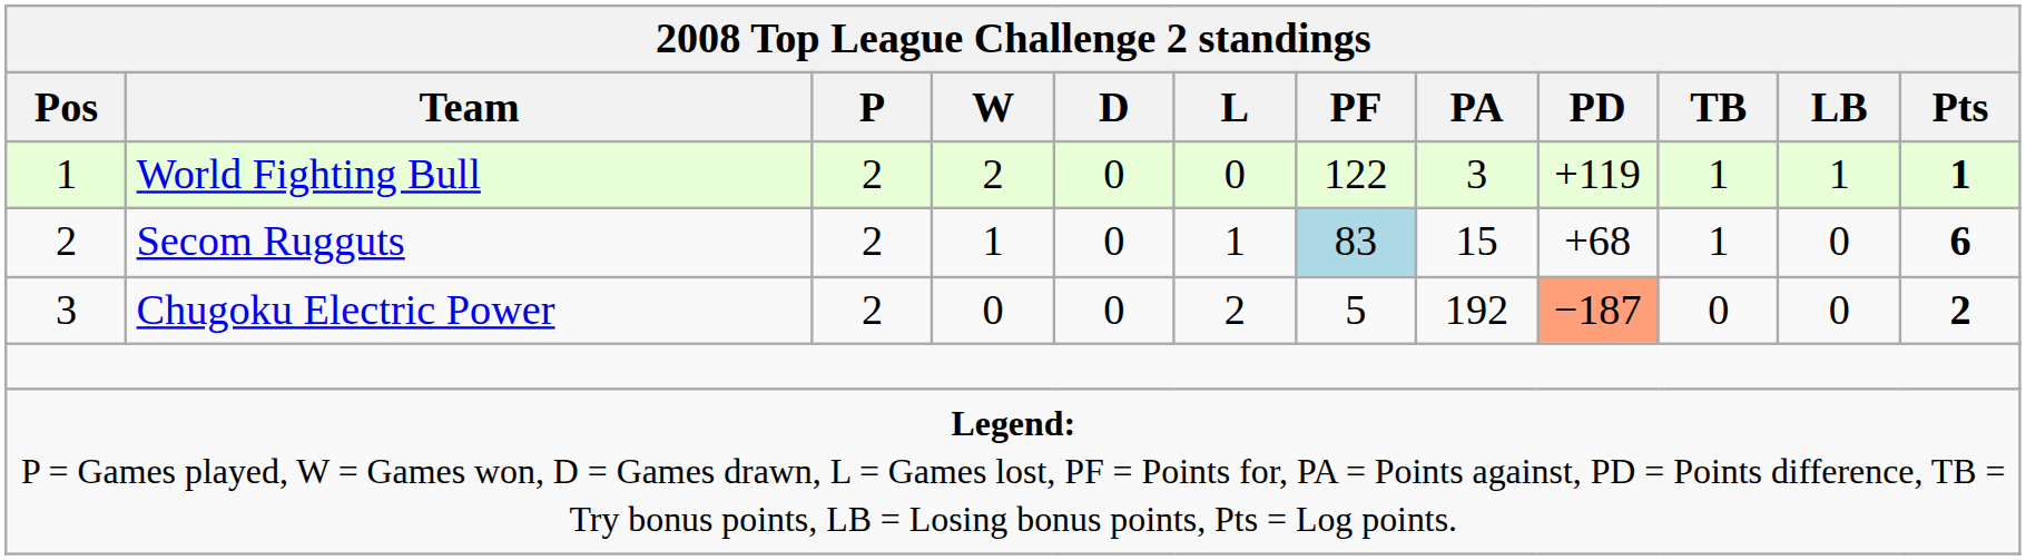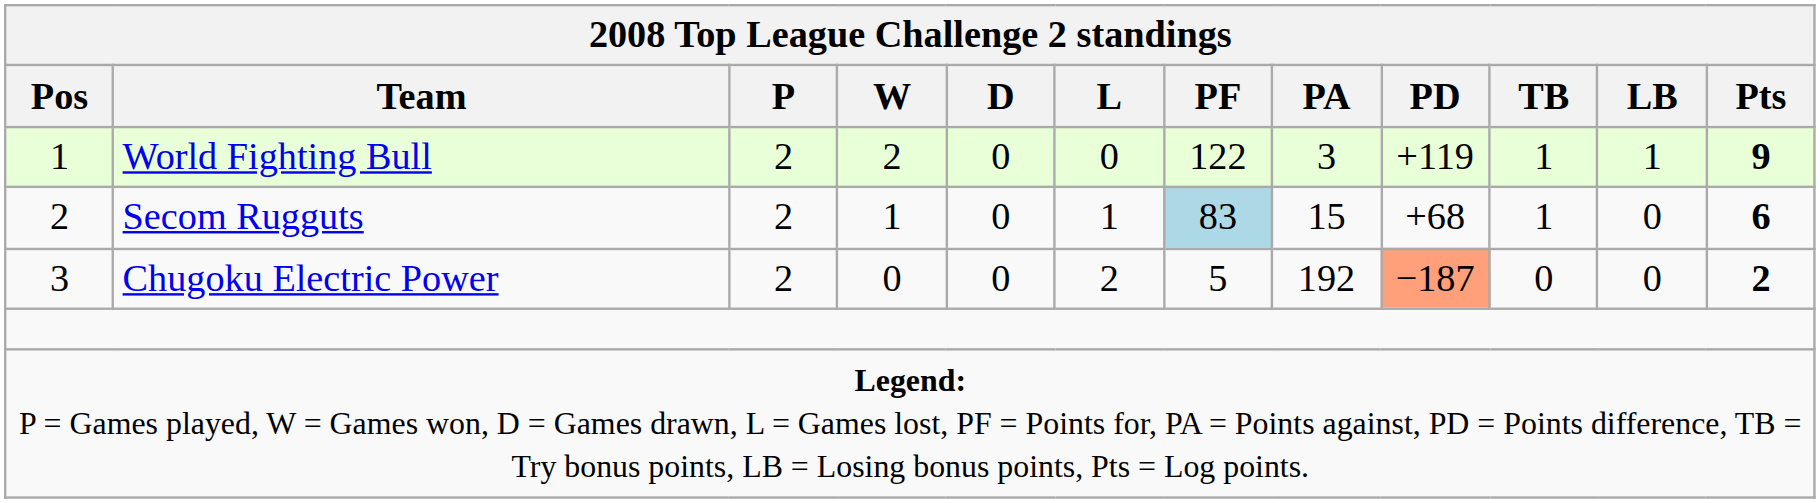 <table class="wikitable" style="text-align:center; font-size:100%; width:60%;">
 <tr>
 <th colspan="100%" cellpadding="0" cellspacing="0"><strong>2008 Top League Challenge 2 standings</strong></th>
 </tr>
 <tr>
 <th style="width:6%;">Pos</th>
 <th style="width:34%;">Team</th>
 <th style="width:6%;">P</th>
 <th style="width:6%;">W</th>
 <th style="width:6%;">D</th>
 <th style="width:6%;">L</th>
 <th style="width:6%;">PF</th>
 <th style="width:6%;">PA</th>
 <th style="width:6%;">PD</th>
 <th style="width:6%;">TB</th>
 <th style="width:6%;">LB</th>
 <th style="width:6%;">Pts<br></th>
 </tr>
 <tr style="background:#E8FFD8;">
 <td>1</td>
 <td style="text-align:left;"><a href='#'>World Fighting Bull</a></td>
 <td>2</td>
 <td>2</td>
 <td>0</td>
 <td>0</td>
 <td>122</td>
 <td>3</td>
 <td>+119</td>
 <td>1</td>
 <td>1</td>
-<td><strong>1</strong></td>
+<td><strong>9</strong></td>
 </tr>
 <tr>
 <td>2</td>
 <td style="text-align:left;"><a href='#'>Secom Rugguts</a></td>
 <td>2</td>
 <td>1</td>
 <td>0</td>
 <td>1</td>
 <td style="background: lightblue;">83</td>
 <td>15</td>
 <td>+68</td>
 <td>1</td>
 <td>0</td>
 <td><strong>6</strong></td>
 </tr>
 <tr>
 <td>3</td>
 <td style="text-align:left;"><a href='#'>Chugoku Electric Power</a></td>
 <td>2</td>
 <td>0</td>
 <td>0</td>
 <td>2</td>
 <td>5</td>
 <td>192</td>
 <td style="background: lightsalmon;">−187</td>
 <td>0</td>
 <td>0</td>
 <td><strong>2</strong></td>
 </tr>
 <tr>
 <td colspan="100%" style="height:10px;"></td>
 </tr>
 <tr>
 <td colspan="100%"><small><strong>Legend:</strong> <br> P = Games played, W = Games won, D = Games drawn, L = Games lost, PF = Points for, PA = Points against, PD = Points difference, TB = Try bonus points, LB = Losing bonus points, Pts = Log points.</small></td>
 </tr>
 </table>
